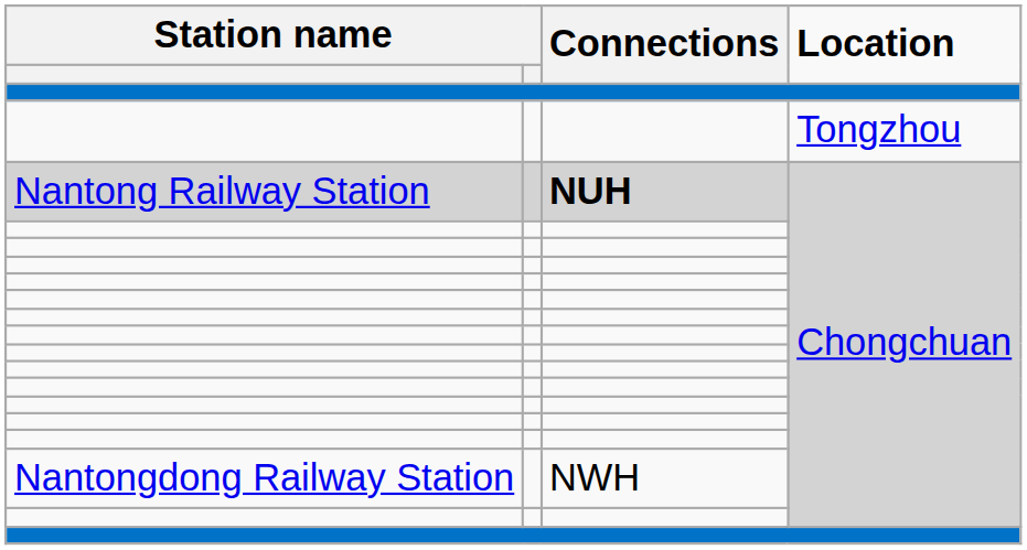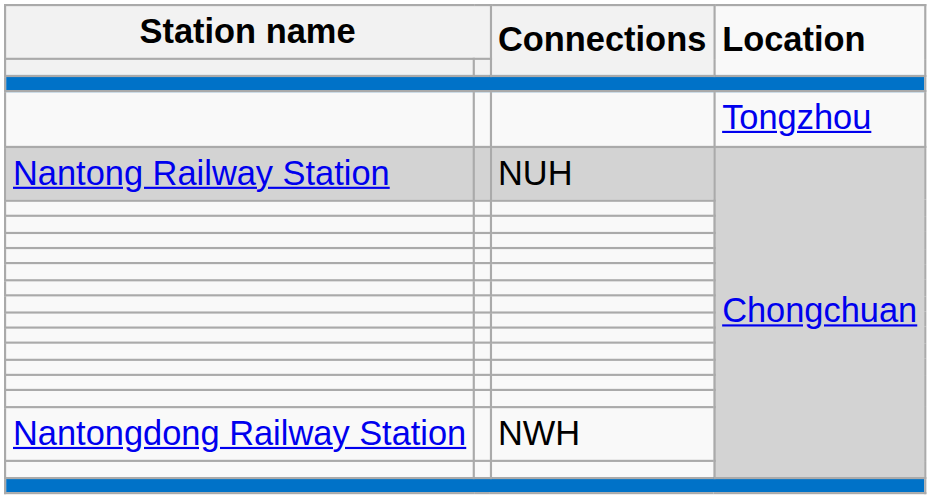 <table class="wikitable">
 <tr>
 <th colspan="2">Station name</th>
 <th rowspan="2">Connections</th>
 <td rowspan="2"><strong>Location</strong></td>
 </tr>
 <tr>
 <th></th>
 <th></th>
 </tr>
 <tr style = "background:#0072C8; height: 2pt">
 <td colspan="4"></td>
 </tr>
 <tr>
 <td></td>
 <td></td>
 <td></td>
 <td><a href='#'>Tongzhou</a></td>
 </tr>
 <tr style = "background:lightgrey">
 <td><a href='#'>Nantong Railway Station</a></td>
 <td></td>
-<td><strong> NUH</strong></td>
+<td> NUH</td>
 <td rowspan="16"><a href='#'>Chongchuan</a></td>
 </tr>
 <tr>
 <td></td>
 <td></td>
 <td></td>
 </tr>
 <tr>
 <td></td>
 <td></td>
 <td></td>
 </tr>
 <tr>
 <td></td>
 <td></td>
 <td></td>
 </tr>
 <tr>
 <td></td>
 <td></td>
 <td></td>
 </tr>
 <tr>
 <td></td>
 <td></td>
 <td></td>
 </tr>
 <tr>
 <td></td>
 <td></td>
 <td></td>
 </tr>
 <tr>
 <td></td>
 <td></td>
 <td></td>
 </tr>
 <tr>
 <td></td>
 <td></td>
 <td></td>
 </tr>
 <tr>
 <td></td>
 <td></td>
 <td></td>
 </tr>
 <tr>
 <td></td>
 <td></td>
 <td></td>
 </tr>
 <tr>
 <td></td>
 <td></td>
 <td></td>
 </tr>
 <tr>
 <td></td>
 <td></td>
 <td></td>
 </tr>
 <tr>
 <td></td>
 <td></td>
 <td></td>
 </tr>
 <tr>
 <td><a href='#'>Nantongdong Railway Station</a></td>
 <td></td>
 <td> NWH</td>
 </tr>
 <tr>
 <td></td>
 <td></td>
 <td></td>
 </tr>
 <tr style = "background:#0072C8; height: 2pt">
 <td colspan="4"></td>
 </tr>
 </table>
